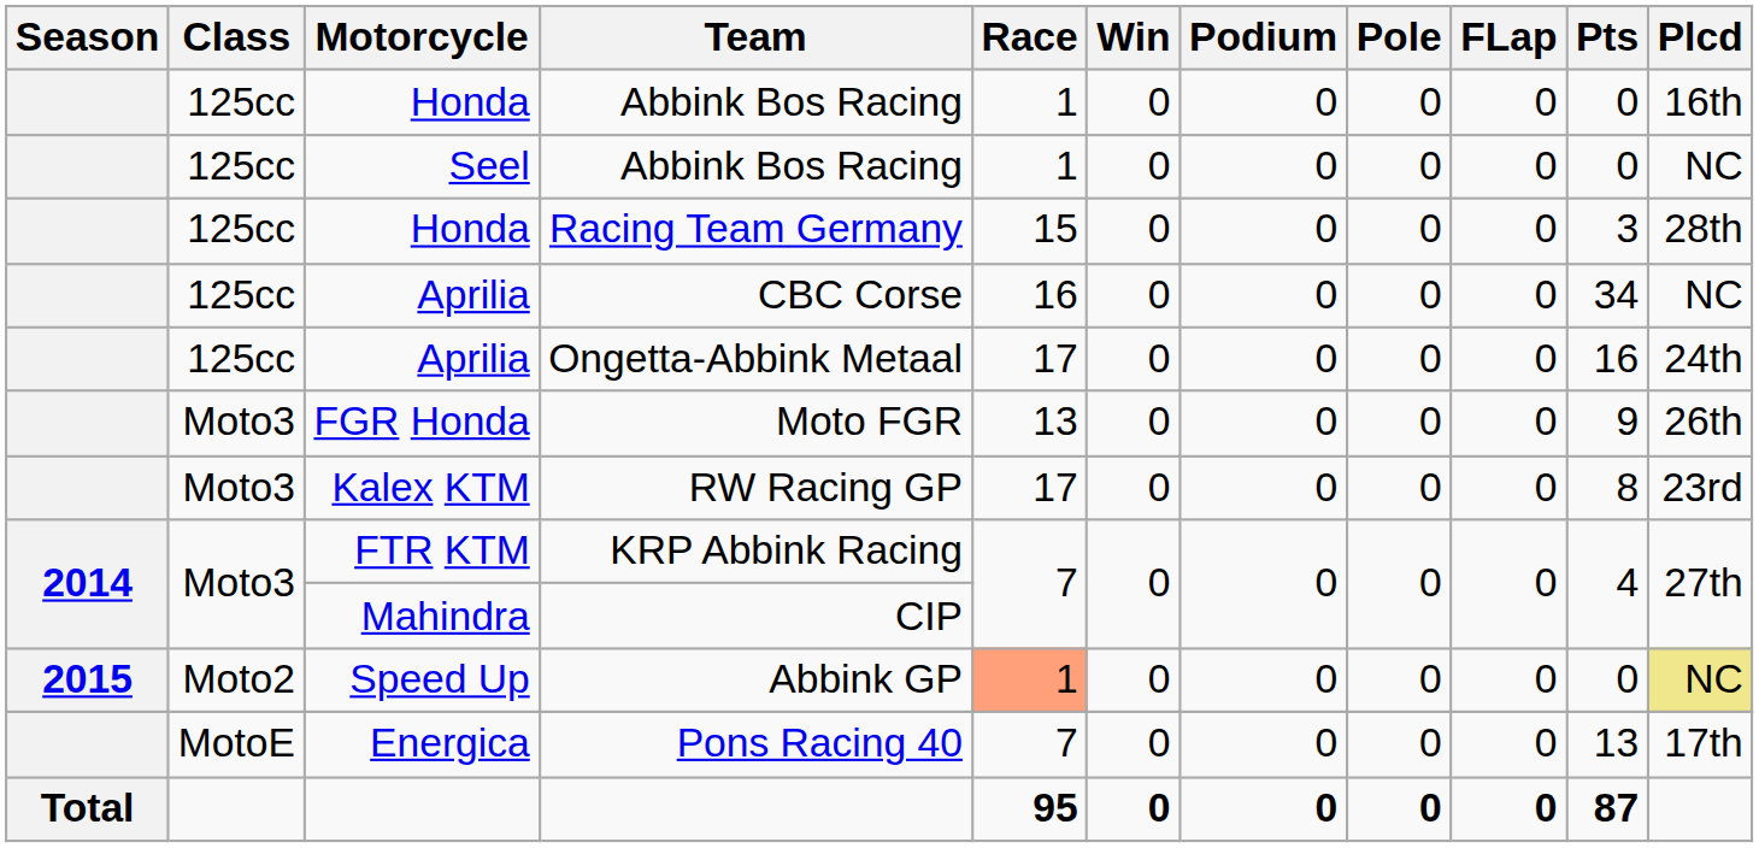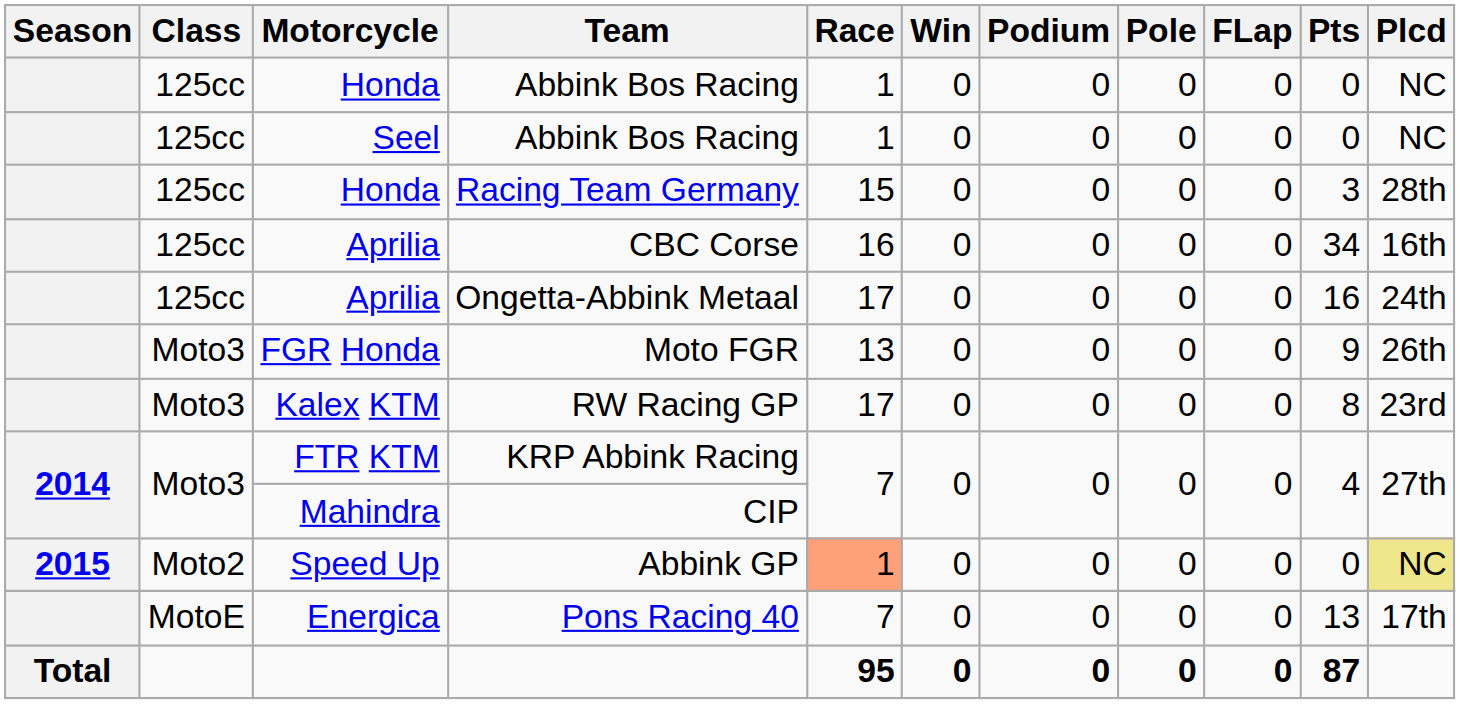 <table class="wikitable">
 <tr>
 <th>Season</th>
 <th>Class</th>
 <th>Motorcycle</th>
 <th>Team</th>
 <th>Race</th>
 <th>Win</th>
 <th>Podium</th>
 <th>Pole</th>
 <th>FLap</th>
 <th>Pts</th>
 <th>Plcd</th>
 </tr>
 <tr align="right">
 <th></th>
 <td>125cc</td>
 <td><a href='#'>Honda</a></td>
 <td>Abbink Bos Racing</td>
 <td>1</td>
 <td>0</td>
 <td>0</td>
 <td>0</td>
 <td>0</td>
 <td>0</td>
-<td>16th</td>
+<td>NC</td>
 </tr>
 <tr align="right">
 <th></th>
 <td>125cc</td>
 <td><a href='#'>Seel</a></td>
 <td>Abbink Bos Racing</td>
 <td>1</td>
 <td>0</td>
 <td>0</td>
 <td>0</td>
 <td>0</td>
 <td>0</td>
 <td>NC</td>
 </tr>
 <tr align="right">
 <th></th>
 <td>125cc</td>
 <td><a href='#'>Honda</a></td>
 <td><a href='#'>Racing Team Germany</a></td>
 <td>15</td>
 <td>0</td>
 <td>0</td>
 <td>0</td>
 <td>0</td>
 <td>3</td>
 <td>28th</td>
 </tr>
 <tr align="right">
 <th></th>
 <td>125cc</td>
 <td><a href='#'>Aprilia</a></td>
 <td>CBC Corse</td>
 <td>16</td>
 <td>0</td>
 <td>0</td>
 <td>0</td>
 <td>0</td>
 <td>34</td>
-<td>NC</td>
+<td>16th</td>
 </tr>
 <tr align="right">
 <th></th>
 <td>125cc</td>
 <td><a href='#'>Aprilia</a></td>
 <td>Ongetta-Abbink Metaal</td>
 <td>17</td>
 <td>0</td>
 <td>0</td>
 <td>0</td>
 <td>0</td>
 <td>16</td>
 <td>24th</td>
 </tr>
 <tr align="right">
 <th></th>
 <td>Moto3</td>
 <td><a href='#'>FGR</a> <a href='#'>Honda</a></td>
 <td>Moto FGR</td>
 <td>13</td>
 <td>0</td>
 <td>0</td>
 <td>0</td>
 <td>0</td>
 <td>9</td>
 <td>26th</td>
 </tr>
 <tr align="right">
 <th></th>
 <td>Moto3</td>
 <td><a href='#'>Kalex</a> <a href='#'>KTM</a></td>
 <td>RW Racing GP</td>
 <td>17</td>
 <td>0</td>
 <td>0</td>
 <td>0</td>
 <td>0</td>
 <td>8</td>
 <td>23rd</td>
 </tr>
 <tr align="right">
 <th rowspan=2><a href='#'>2014</a></th>
 <td rowspan=2>Moto3</td>
 <td><a href='#'>FTR</a> <a href='#'>KTM</a></td>
 <td>KRP Abbink Racing</td>
 <td rowspan=2>7</td>
 <td rowspan=2>0</td>
 <td rowspan=2>0</td>
 <td rowspan=2>0</td>
 <td rowspan=2>0</td>
 <td rowspan=2>4</td>
 <td rowspan=2>27th</td>
 </tr>
 <tr align="right">
 <td><a href='#'>Mahindra</a></td>
 <td>CIP</td>
 </tr>
 <tr align="right">
 <th><a href='#'>2015</a></th>
 <td>Moto2</td>
 <td><a href='#'>Speed Up</a></td>
 <td>Abbink GP</td>
 <td style="background: lightsalmon;">1</td>
 <td>0</td>
 <td>0</td>
 <td>0</td>
 <td>0</td>
 <td>0</td>
 <td style="background: khaki;">NC</td>
 </tr>
 <tr>
 </tr>
 <tr align="right">
 <th></th>
 <td>MotoE</td>
 <td><a href='#'>Energica</a></td>
 <td><a href='#'>Pons Racing 40</a></td>
 <td>7</td>
 <td>0</td>
 <td>0</td>
 <td>0</td>
 <td>0</td>
 <td>13</td>
 <td>17th</td>
 </tr>
 <tr align="right">
 <th>Total</th>
 <td></td>
 <td></td>
 <td></td>
 <td><strong>95</strong></td>
 <td><strong>0</strong></td>
 <td><strong>0</strong></td>
 <td><strong>0</strong></td>
 <td><strong>0</strong></td>
 <td><strong>87</strong></td>
 <td></td>
 </tr>
 </table>
